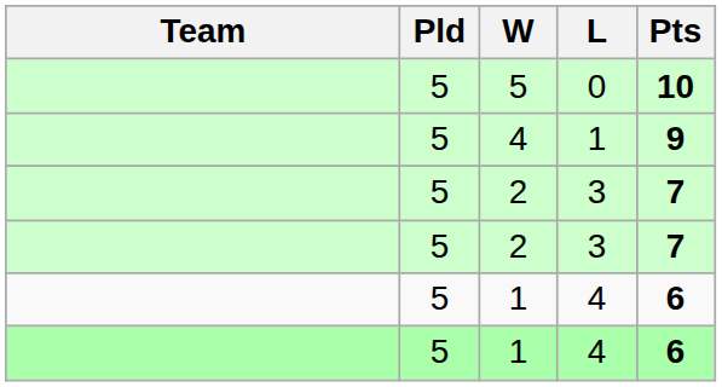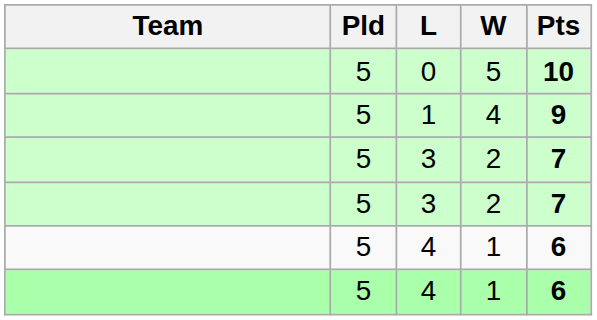 <table class=wikitable style="text-align:center">
 <tr>
 <th width=180>Team</th>
 <th width=30>Pld</th>
+<th width=30>L</th>
 <th width=30>W</th>
-<th width=30>L</th>
 <th width=30>Pts</th>
 </tr>
 <tr align=center bgcolor="#ccffcc">
 <td align=left></td>
 <td>5</td>
+<td>0</td>
 <td>5</td>
-<td>0</td>
 <td><strong>10</strong></td>
 </tr>
 <tr align=center bgcolor="#ccffcc">
 <td align=left></td>
 <td>5</td>
+<td>1</td>
 <td>4</td>
-<td>1</td>
 <td><strong>9</strong></td>
 </tr>
 <tr align=center bgcolor="#ccffcc">
 <td align=left></td>
 <td>5</td>
+<td>3</td>
 <td>2</td>
-<td>3</td>
 <td><strong>7</strong></td>
 </tr>
 <tr align=center bgcolor="#ccffcc">
 <td align=left></td>
 <td>5</td>
+<td>3</td>
 <td>2</td>
-<td>3</td>
 <td><strong>7</strong></td>
 </tr>
 <tr align=center>
 <td align=left></td>
 <td>5</td>
+<td>4</td>
 <td>1</td>
-<td>4</td>
 <td><strong>6</strong></td>
 </tr>
 <tr align=center bgcolor="#aaffaa">
 <td align=left></td>
 <td>5</td>
+<td>4</td>
 <td>1</td>
-<td>4</td>
 <td><strong>6</strong></td>
 </tr>
 </table>
